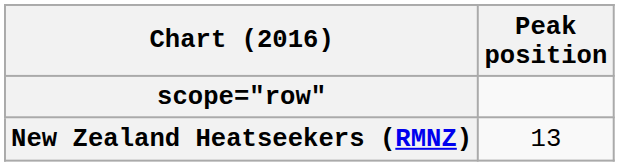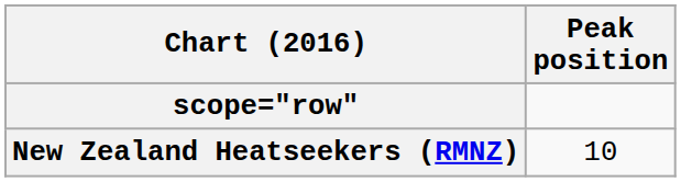 <table class="wikitable sortable plainrowheaders" style="text-align:center">
 <tr>
 <th scope="col">Chart (2016)</th>
 <th scope="col">Peak<br> position</th>
 </tr>
 <tr>
 <th>scope="row"</th>
 </tr>
 <tr>
 <th scope="row">New Zealand Heatseekers (<a href='#'>RMNZ</a>)</th>
-<td>13</td>
+<td>10</td>
 </tr>
 </table>
